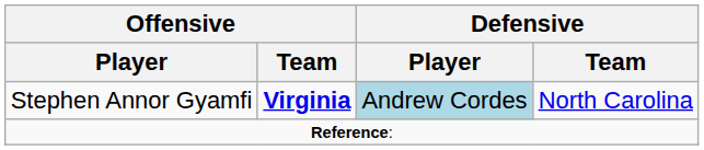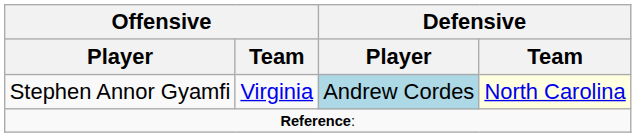 <table class="wikitable" style="text-align: center;">
 <tr>
 <th colspan="2">Offensive</th>
 <th colspan="2">Defensive</th>
 </tr>
 <tr>
 <th>Player</th>
 <th>Team</th>
 <th>Player</th>
 <th>Team</th>
 </tr>
 <tr>
 <td>Stephen Annor Gyamfi</td>
-<td><strong><a href='#'>Virginia</a></strong></td>
+<td><a href='#'>Virginia</a></td>
 <td style="background: lightblue;">Andrew Cordes</td>
-<td><a href='#'>North Carolina</a></td>
+<td style="background: lightyellow;"><a href='#'>North Carolina</a></td>
 </tr>
 <tr>
 <td colspan="4"  style="font-size:8pt; text-align:center;"><strong>Reference</strong>:</td>
 </tr>
 </table>
